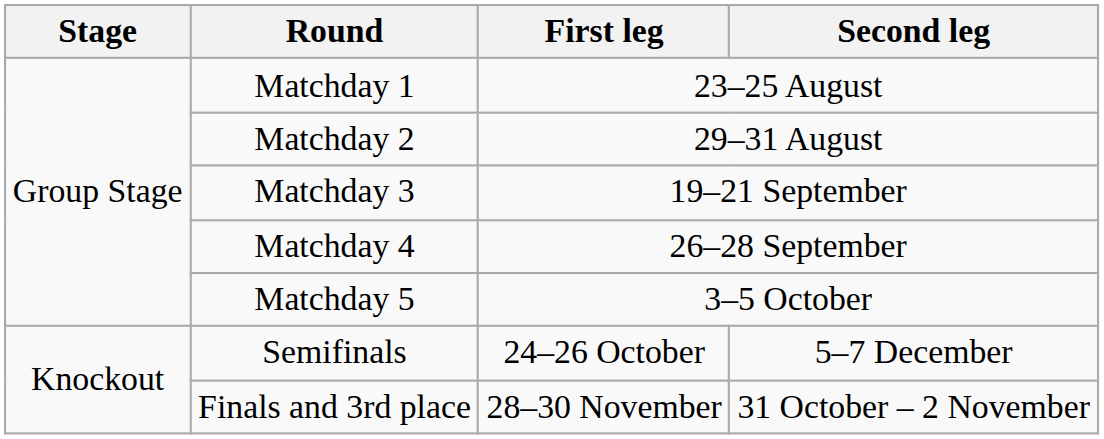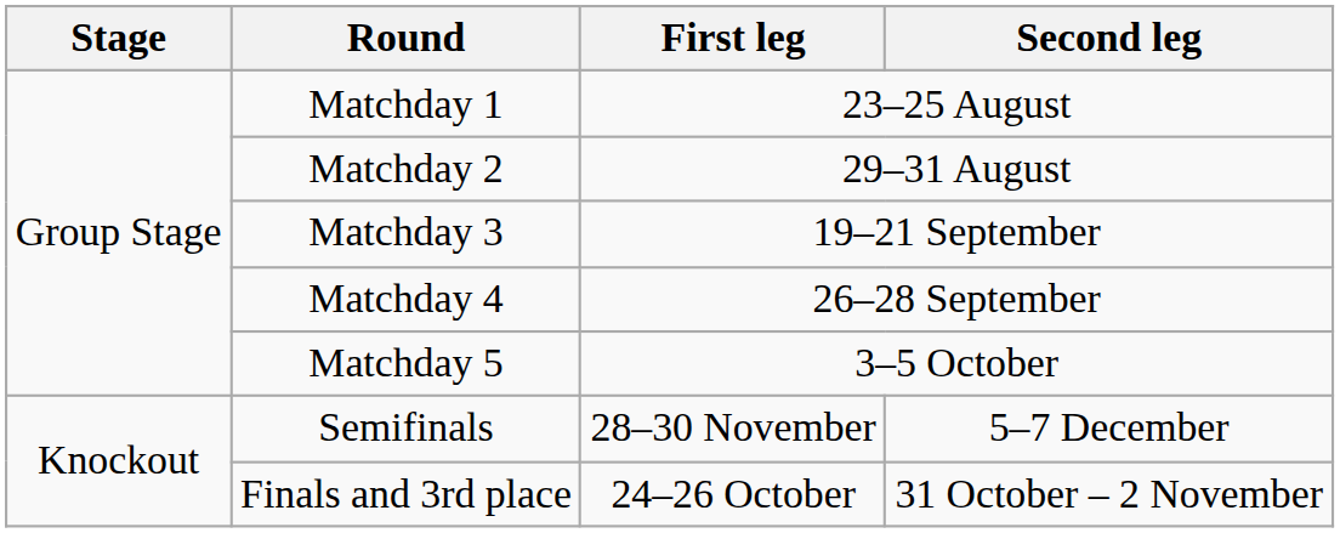 <table class="wikitable" style="text-align:center">
 <tr>
 <th>Stage</th>
 <th>Round</th>
 <th>First leg</th>
 <th>Second leg</th>
 </tr>
 <tr>
 <td rowspan="5">Group Stage</td>
 <td>Matchday 1</td>
 <td colspan="2">23–25 August</td>
 </tr>
 <tr>
 <td>Matchday 2</td>
 <td colspan="2">29–31 August</td>
 </tr>
 <tr>
 <td>Matchday 3</td>
 <td colspan="2">19–21 September</td>
 </tr>
 <tr>
 <td>Matchday 4</td>
 <td colspan="2">26–28 September</td>
 </tr>
 <tr>
 <td>Matchday 5</td>
 <td colspan="2">3–5 October</td>
 </tr>
 <tr>
 <td rowspan="2">Knockout</td>
 <td>Semifinals</td>
-<td>24–26 October</td>
+<td>28–30 November</td>
 <td>5–7 December</td>
 </tr>
 <tr>
 <td>Finals and 3rd place</td>
-<td>28–30 November</td>
+<td>24–26 October</td>
 <td>31 October – 2 November</td>
 </tr>
 </table>
